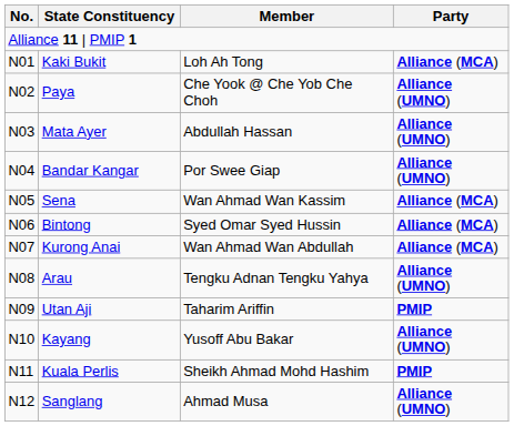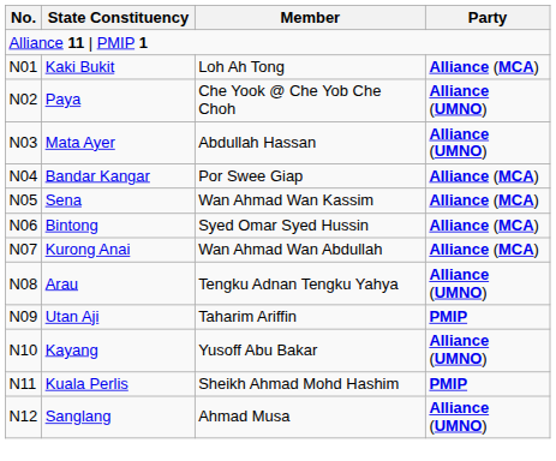 <table class="wikitable sortable">
 <tr>
 <th style="width:30px;">No.</th>
 <th style="width:150px;">State Constituency</th>
 <th style="width:230px;">Member</th>
 <th style="width:120px;">Party</th>
 </tr>
 <tr>
 <td colspan="4"><a href='#'>Alliance</a> <strong>11</strong> | <a href='#'>PMIP</a> <strong>1</strong></td>
 </tr>
 <tr>
 <td>N01</td>
 <td><a href='#'>Kaki Bukit</a></td>
 <td>Loh Ah Tong</td>
 <td><strong><a href='#'>Alliance</a></strong> (<strong><a href='#'>MCA</a></strong>)</td>
 </tr>
 <tr>
 <td>N02</td>
 <td><a href='#'>Paya</a></td>
 <td>Che Yook @ Che Yob Che Choh</td>
 <td><strong><a href='#'>Alliance</a></strong> (<strong><a href='#'>UMNO</a></strong>)</td>
 </tr>
 <tr>
 <td>N03</td>
 <td><a href='#'>Mata Ayer</a></td>
 <td>Abdullah Hassan</td>
 <td><strong><a href='#'>Alliance</a></strong> (<strong><a href='#'>UMNO</a></strong>)</td>
 </tr>
 <tr>
 <td>N04</td>
 <td><a href='#'>Bandar Kangar</a></td>
 <td>Por Swee Giap</td>
-<td><strong><a href='#'>Alliance</a></strong> (<strong><a href='#'>UMNO</a></strong>)</td>
+<td><strong><a href='#'>Alliance</a></strong> (<strong><a href='#'>MCA</a></strong>)</td>
 </tr>
 <tr>
 <td>N05</td>
 <td><a href='#'>Sena</a></td>
 <td>Wan Ahmad Wan Kassim</td>
 <td><strong><a href='#'>Alliance</a></strong> (<strong><a href='#'>MCA</a></strong>)</td>
 </tr>
 <tr>
 <td>N06</td>
 <td><a href='#'>Bintong</a></td>
 <td>Syed Omar Syed Hussin</td>
 <td><strong><a href='#'>Alliance</a></strong> (<strong><a href='#'>MCA</a></strong>)</td>
 </tr>
 <tr>
 <td>N07</td>
 <td><a href='#'>Kurong Anai</a></td>
 <td>Wan Ahmad Wan Abdullah</td>
 <td><strong><a href='#'>Alliance</a></strong> (<strong><a href='#'>MCA</a></strong>)</td>
 </tr>
 <tr>
 <td>N08</td>
 <td><a href='#'>Arau</a></td>
 <td>Tengku Adnan Tengku Yahya</td>
 <td><strong><a href='#'>Alliance</a></strong> (<strong><a href='#'>UMNO</a></strong>)</td>
 </tr>
 <tr>
 <td>N09</td>
 <td><a href='#'>Utan Aji</a></td>
 <td>Taharim Ariffin</td>
 <td><strong><a href='#'>PMIP</a></strong></td>
 </tr>
 <tr>
 <td>N10</td>
 <td><a href='#'>Kayang</a></td>
 <td>Yusoff Abu Bakar</td>
 <td><strong><a href='#'>Alliance</a></strong> (<strong><a href='#'>UMNO</a></strong>)</td>
 </tr>
 <tr>
 <td>N11</td>
 <td><a href='#'>Kuala Perlis</a></td>
 <td>Sheikh Ahmad Mohd Hashim</td>
 <td><strong><a href='#'>PMIP</a></strong></td>
 </tr>
 <tr>
 <td>N12</td>
 <td><a href='#'>Sanglang</a></td>
 <td>Ahmad Musa</td>
 <td><strong><a href='#'>Alliance</a></strong> (<strong><a href='#'>UMNO</a></strong>)</td>
 </tr>
 </table>
